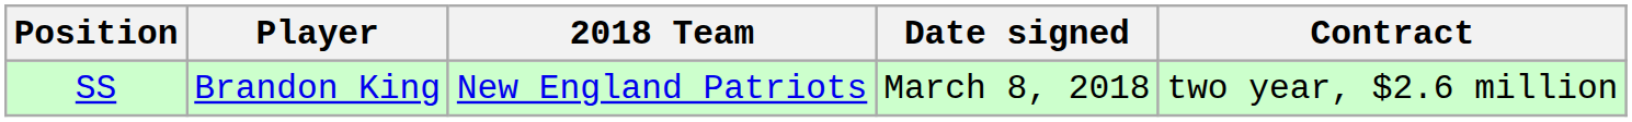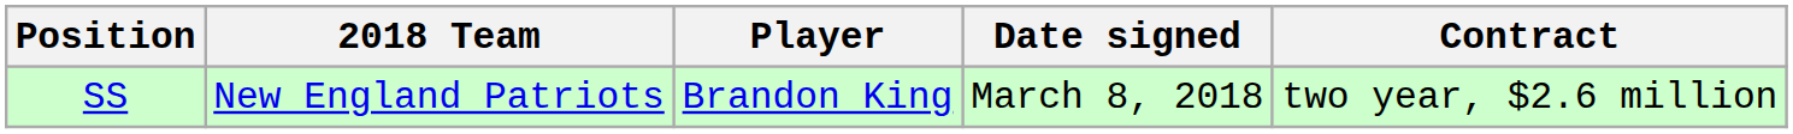 <table class="wikitable" style="text-align:center">
 <tr>
 <th>Position</th>
+<th>2018 Team</th>
 <th>Player</th>
-<th>2018 Team</th>
 <th>Date signed</th>
 <th>Contract</th>
 </tr>
 <tr style="background:#cfc">
 <td><a href='#'>SS</a></td>
+<td><a href='#'>New England Patriots</a></td>
 <td><a href='#'>Brandon King</a></td>
-<td><a href='#'>New England Patriots</a></td>
 <td>March 8, 2018</td>
 <td>two year, $2.6 million</td>
 </tr>
 </table>
